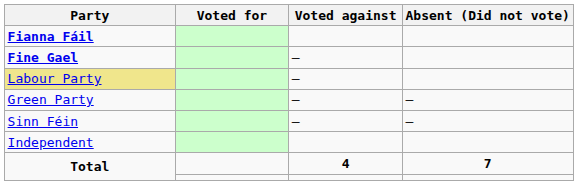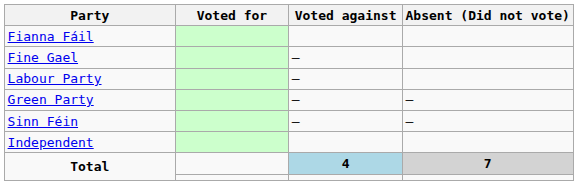 <table class="wikitable">
 <tr>
 <th style="width:30%;">Party</th>
 <th style="width:20%;">Voted for</th>
 <th style="width:20%;">Voted against</th>
 <th>Absent (Did not vote)</th>
 </tr>
 <tr>
-<td><strong> <a href='#'>Fianna Fáil</a></strong></td>
+<td> <a href='#'>Fianna Fáil</a></td>
 <td style="background-color:#CCFFCC;"></td>
 <td></td>
 <td></td>
 </tr>
 <tr>
-<td><strong> <a href='#'>Fine Gael</a></strong></td>
+<td> <a href='#'>Fine Gael</a></td>
 <td style="background-color:#CCFFCC;"></td>
 <td>–</td>
 <td></td>
 </tr>
 <tr>
-<td style="background: khaki;"> <a href='#'>Labour Party</a></td>
+<td> <a href='#'>Labour Party</a></td>
 <td style="background-color:#CCFFCC;"></td>
 <td>–</td>
 <td></td>
 </tr>
 <tr>
 <td> <a href='#'>Green Party</a></td>
 <td style="background-color:#CCFFCC;"></td>
 <td>–</td>
 <td>–</td>
 </tr>
 <tr>
 <td> <a href='#'>Sinn Féin</a></td>
 <td style="background-color:#CCFFCC;"></td>
 <td>–</td>
 <td>–</td>
 </tr>
 <tr>
 <td> <a href='#'>Independent</a></td>
 <td style="background-color:#CCFFCC;"></td>
 <td></td>
 <td></td>
 </tr>
 <tr>
 <td style="text-align:center;" rowspan="2"><strong>Total</strong></td>
 <td></td>
-<td style="text-align:center;"><strong>4</strong></td>
-<td style="text-align:center;"><strong>7</strong></td>
+<td style="background: lightblue; text-align:center;"><strong>4</strong></td>
+<td style="background: lightgrey; text-align:center;"><strong>7</strong></td>
 </tr>
 <tr>
 <td style="text-align:center;"></td>
 <td style="text-align:center;"></td>
 <td style="text-align:center;"></td>
 </tr>
 </table>
